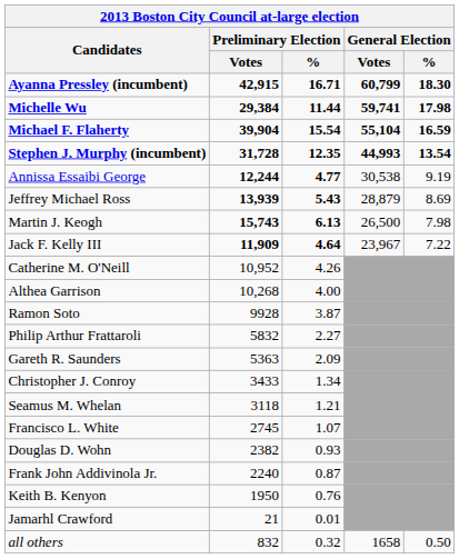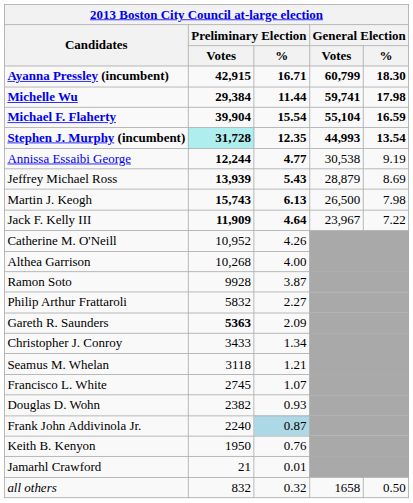 <table class=wikitable>
 <tr>
 <th colspan=5><a href='#'>2013 Boston City Council at-large election</a></th>
 </tr>
 <tr>
 <th rowspan="2"><strong>Candidates</strong></th>
 <th colspan=2><strong>Preliminary Election</strong></th>
 <th colspan=2><strong>General Election</strong></th>
 </tr>
 <tr>
 <th>Votes</th>
 <th>%</th>
 <th>Votes</th>
 <th>%</th>
 </tr>
 <tr>
 <td><strong><a href='#'>Ayanna Pressley</a> (incumbent)</strong></td>
 <td style="text-align:right;"><strong>42,915</strong></td>
 <td style="text-align:right;"><strong>16.71</strong></td>
 <td style="text-align:right;"><strong>60,799</strong></td>
 <td style="text-align:right;"><strong>18.30</strong></td>
 </tr>
 <tr>
 <td><strong><a href='#'>Michelle Wu</a></strong></td>
 <td style="text-align:right;"><strong>29,384</strong></td>
 <td style="text-align:right;"><strong>11.44</strong></td>
 <td style="text-align:right;"><strong>59,741</strong></td>
 <td style="text-align:right;"><strong>17.98</strong></td>
 </tr>
 <tr>
 <td><strong><a href='#'>Michael F. Flaherty</a></strong></td>
 <td style="text-align:right;"><strong>39,904</strong></td>
 <td style="text-align:right;"><strong>15.54</strong></td>
 <td style="text-align:right;"><strong>55,104</strong></td>
 <td style="text-align:right;"><strong>16.59</strong></td>
 </tr>
 <tr>
 <td><strong><a href='#'>Stephen J. Murphy</a> (incumbent)</strong></td>
-<td style="text-align:right;"><strong>31,728</strong></td>
+<td style="background: paleturquoise; text-align:right;"><strong>31,728</strong></td>
 <td style="text-align:right;"><strong>12.35</strong></td>
 <td style="text-align:right;"><strong>44,993</strong></td>
 <td style="text-align:right;"><strong>13.54</strong></td>
 </tr>
 <tr>
 <td><a href='#'>Annissa Essaibi George</a></td>
 <td style="text-align:right;"><strong>12,244</strong></td>
 <td style="text-align:right;"><strong>4.77</strong></td>
 <td style="text-align:right;">30,538</td>
 <td style="text-align:right;">9.19</td>
 </tr>
 <tr>
 <td>Jeffrey Michael Ross</td>
 <td style="text-align:right;"><strong>13,939</strong></td>
 <td style="text-align:right;"><strong>5.43</strong></td>
 <td style="text-align:right;">28,879</td>
 <td style="text-align:right;">8.69</td>
 </tr>
 <tr>
 <td>Martin J. Keogh</td>
 <td style="text-align:right;"><strong>15,743</strong></td>
 <td style="text-align:right;"><strong>6.13</strong></td>
 <td style="text-align:right;">26,500</td>
 <td style="text-align:right;">7.98</td>
 </tr>
 <tr>
 <td>Jack F. Kelly III</td>
 <td style="text-align:right;"><strong>11,909</strong></td>
 <td style="text-align:right;"><strong>4.64</strong></td>
 <td style="text-align:right;">23,967</td>
 <td style="text-align:right;">7.22</td>
 </tr>
 <tr>
 <td>Catherine M. O'Neill</td>
 <td style="text-align:right;">10,952</td>
 <td style="text-align:right;">4.26</td>
 <td colspan="2" style="background:darkgrey;"> </td>
 </tr>
 <tr>
 <td>Althea Garrison</td>
 <td style="text-align:right;">10,268</td>
 <td style="text-align:right;">4.00</td>
 <td colspan="2" style="background:darkgrey;"> </td>
 </tr>
 <tr>
 <td>Ramon Soto</td>
 <td style="text-align:right;">9928</td>
 <td style="text-align:right;">3.87</td>
 <td colspan="2" style="background:darkgrey;"> </td>
 </tr>
 <tr>
 <td>Philip Arthur Frattaroli</td>
 <td style="text-align:right;">5832</td>
 <td style="text-align:right;">2.27</td>
 <td colspan="2" style="background:darkgrey;"> </td>
 </tr>
 <tr>
 <td>Gareth R. Saunders</td>
-<td style="text-align:right;">5363</td>
+<td style="text-align:right;"><strong>5363</strong></td>
 <td style="text-align:right;">2.09</td>
 <td colspan="2" style="background:darkgrey;"> </td>
 </tr>
 <tr>
 <td>Christopher J. Conroy</td>
 <td style="text-align:right;">3433</td>
 <td style="text-align:right;">1.34</td>
 <td colspan="2" style="background:darkgrey;"> </td>
 </tr>
 <tr>
 <td>Seamus M. Whelan</td>
 <td style="text-align:right;">3118</td>
 <td style="text-align:right;">1.21</td>
 <td colspan="2" style="background:darkgrey;"> </td>
 </tr>
 <tr>
 <td>Francisco L. White</td>
 <td style="text-align:right;">2745</td>
 <td style="text-align:right;">1.07</td>
 <td colspan="2" style="background:darkgrey;"> </td>
 </tr>
 <tr>
 <td>Douglas D. Wohn</td>
 <td style="text-align:right;">2382</td>
 <td style="text-align:right;">0.93</td>
 <td colspan="2" style="background:darkgrey;"> </td>
 </tr>
 <tr>
 <td>Frank John Addivinola Jr.</td>
 <td style="text-align:right;">2240</td>
-<td style="text-align:right;">0.87</td>
+<td style="background: lightblue; text-align:right;">0.87</td>
 <td colspan="2" style="background:darkgrey;"> </td>
 </tr>
 <tr>
 <td>Keith B. Kenyon</td>
 <td style="text-align:right;">1950</td>
 <td style="text-align:right;">0.76</td>
 <td colspan="2" style="background:darkgrey;"> </td>
 </tr>
 <tr>
 <td>Jamarhl Crawford</td>
 <td style="text-align:right;">21</td>
 <td style="text-align:right;">0.01</td>
 <td colspan="2" style="background:darkgrey;"> </td>
 </tr>
 <tr>
 <td><em>all others</em></td>
 <td style="text-align:right;">832</td>
 <td style="text-align:right;">0.32</td>
 <td style="text-align:right;">1658</td>
 <td style="text-align:right;">0.50</td>
 </tr>
 </table>
